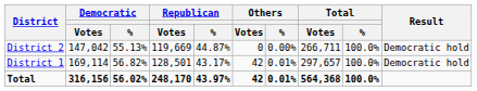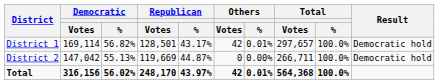 <table class="wikitable plainrowheaders sortable" style="font-size:100%; text-align:right;">
 <tr>
 <th scope=col rowspan=3><a href='#'>District</a></th>
 <th scope=col colspan=2><a href='#'>Democratic</a></th>
 <th scope=col colspan=2><a href='#'>Republican</a></th>
 <th scope=col colspan=2>Others</th>
 <th scope=col colspan=2>Total</th>
 <th scope=col rowspan=3>Result</th>
 </tr>
 <tr>
 <th scope=col colspan=2 style="background:"></th>
 <th scope=col colspan=2 style="background:"></th>
 <th scope=col colspan=2></th>
 <th scope=col colspan=2></th>
 </tr>
 <tr>
 <th scope=col data-sort-type="number">Votes</th>
 <th scope=col data-sort-type="number">%</th>
 <th scope=col data-sort-type="number">Votes</th>
 <th scope=col data-sort-type="number">%</th>
 <th scope=col data-sort-type="number">Votes</th>
 <th scope=col data-sort-type="number">%</th>
 <th scope=col data-sort-type="number">Votes</th>
 <th scope=col data-sort-type="number">%</th>
 </tr>
 <tr>
+<td align=left><a href='#'>District 1</a></td>
+<td>169,114</td>
+<td>56.82%</td>
+<td>128,501</td>
+<td>43.17%</td>
+<td>42</td>
+<td>0.01%</td>
+<td>297,657</td>
+<td>100.0%</td>
+<td align=left>Democratic hold</td>
+</tr>
+<tr>
 <td align=left><a href='#'>District 2</a></td>
 <td>147,042</td>
 <td>55.13%</td>
 <td>119,669</td>
 <td>44.87%</td>
 <td>0</td>
 <td>0.00%</td>
 <td>266,711</td>
-<td>100.0%</td>
-<td align=left>Democratic hold</td>
-</tr>
-<tr>
-<td align=left><a href='#'>District 1</a></td>
-<td>169,114</td>
-<td>56.82%</td>
-<td>128,501</td>
-<td>43.17%</td>
-<td>42</td>
-<td>0.01%</td>
-<td>297,657</td>
 <td>100.0%</td>
 <td align=left>Democratic hold</td>
 </tr>
 <tr class="sortbottom" style="font-weight:bold">
 <td align=left>Total</td>
 <td>316,156</td>
 <td>56.02%</td>
 <td>248,170</td>
 <td>43.97%</td>
 <td>42</td>
 <td>0.01%</td>
 <td>564,368</td>
 <td>100.0%</td>
 <td></td>
 </tr>
 </table>
